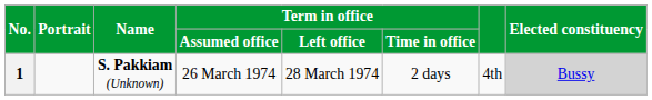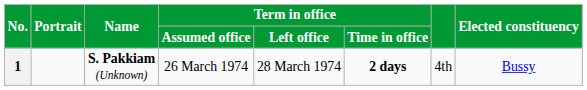 <table class="wikitable sortable" style="text-align:center;">
 <tr>
 <th rowspan=2 style="background-color:#009933;color:white">No.</th>
 <th rowspan=2 style="background-color:#009933;color:white">Portrait</th>
 <th rowspan=2 style="background-color:#009933;color:white">Name<br></th>
 <th colspan=3 style="background-color:#009933;color:white">Term in office</th>
 <th rowspan=2 style="background-color:#009933;color:white"><a href='#'></a><br></th>
 <th rowspan=2 style="background-color:#009933;color:white">Elected constituency</th>
 </tr>
 <tr>
 <th style="background-color:#009933;color:white">Assumed office</th>
 <th style="background-color:#009933;color:white">Left office</th>
 <th style="background-color:#009933;color:white">Time in office</th>
 </tr>
 <tr>
 <th>1</th>
 <td></td>
 <td><strong>S. Pakkiam</strong><br><small><em>(Unknown)</em></small></td>
 <td>26 March 1974</td>
 <td>28 March 1974</td>
-<td>2 days</td>
+<td><strong>2 days</strong></td>
 <td>4th<br></td>
-<td style="background: lightgrey;"><a href='#'>Bussy</a></td>
+<td><a href='#'>Bussy</a></td>
 </tr>
 </table>
